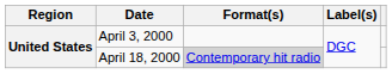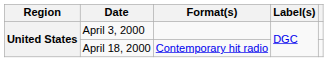 <table class="wikitable plainrowheaders">
 <tr>
 <th scope="col">Region</th>
 <th scope="col">Date</th>
 <th scope="col">Format(s)</th>
 <th scope="col">Label(s)</th>
 <th scope="col"></th>
 </tr>
 <tr>
 <th scope="row" rowspan="2">United States</th>
 <td>April 3, 2000</td>
 <td></td>
 <td rowspan="2"><a href='#'>DGC</a></td>
 <td align="center"></td>
 </tr>
 <tr>
 <td>April 18, 2000</td>
-<td style="background: lightgrey;"><a href='#'>Contemporary hit radio</a></td>
+<td><a href='#'>Contemporary hit radio</a></td>
 <td align="center"></td>
 </tr>
 </table>
